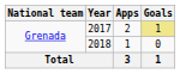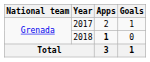 <table class="wikitable" style="text-align:center">
 <tr>
 <th>National team</th>
 <th>Year</th>
 <th>Apps</th>
 <th>Goals</th>
 </tr>
 <tr>
 <td rowspan="2"><a href='#'>Grenada</a></td>
 <td>2017</td>
 <td>2</td>
-<td style="background: khaki;">1</td>
+<td>1</td>
 </tr>
 <tr>
 <td>2018</td>
-<td>1</td>
+<td><strong>1</strong></td>
 <td>0</td>
 </tr>
 <tr>
 <th colspan="2">Total</th>
 <th>3</th>
 <th>1</th>
 </tr>
 </table>
